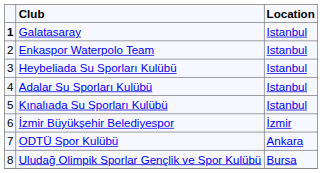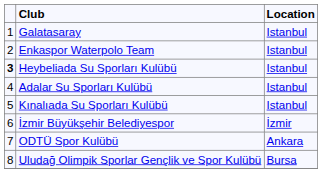 <table bgcolor="#f7f8ff" cellpadding="3" cellspacing="0" border="1" style="font-size: 95%; border: gray solid 1px; border-collapse: collapse;">
 <tr>
 <td></td>
 <td><strong>Club</strong></td>
 <td><strong>Location</strong></td>
 </tr>
 <tr>
-<td><strong>1</strong></td>
+<td>1</td>
 <td><a href='#'>Galatasaray</a></td>
 <td><a href='#'>Istanbul</a></td>
 </tr>
 <tr>
 <td>2</td>
 <td><a href='#'>Enkaspor Waterpolo Team</a></td>
 <td><a href='#'>Istanbul</a></td>
 </tr>
 <tr>
-<td>3</td>
+<td><strong>3</strong></td>
 <td><a href='#'>Heybeliada Su Sporları Kulübü</a></td>
 <td><a href='#'>Istanbul</a></td>
 </tr>
 <tr>
 <td>4</td>
 <td><a href='#'>Adalar Su Sporları Kulübü</a></td>
 <td><a href='#'>Istanbul</a></td>
 </tr>
 <tr>
 <td>5</td>
 <td><a href='#'>Kınalıada Su Sporları Kulübü</a></td>
 <td><a href='#'>Istanbul</a></td>
 </tr>
 <tr>
 <td>6</td>
 <td><a href='#'>İzmir Büyükşehir Belediyespor</a></td>
 <td><a href='#'>İzmir</a></td>
 </tr>
 <tr>
 <td>7</td>
 <td><a href='#'>ODTÜ Spor Kulübü</a></td>
 <td><a href='#'>Ankara</a></td>
 </tr>
 <tr>
 <td>8</td>
 <td><a href='#'>Uludağ Olimpik Sporlar Gençlik ve Spor Kulübü</a></td>
 <td><a href='#'>Bursa</a></td>
 </tr>
 <tr>
 </tr>
 </table>
